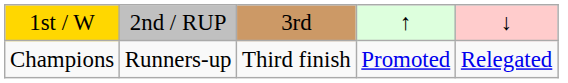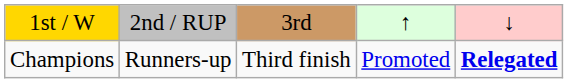 <table class="wikitable" style="text-align:center">
 <tr>
 <td bgcolor=gold>1st / W</td>
 <td bgcolor=silver>2nd / RUP</td>
 <td bgcolor="#cc9966">3rd</td>
 <td bgcolor="#DDFFDD">↑</td>
 <td bgcolor="#FFCCCC">↓</td>
 </tr>
 <tr>
 <td>Champions</td>
 <td>Runners-up</td>
 <td>Third finish</td>
 <td><a href='#'>Promoted</a></td>
-<td><a href='#'>Relegated</a></td>
+<td><strong><a href='#'>Relegated</a></strong></td>
 </tr>
 </table>
